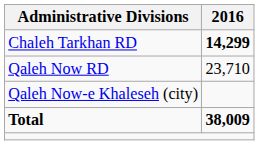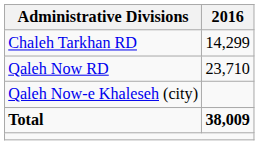 <table class="wikitable">
 <tr>
 <th>Administrative Divisions</th>
 <th>2016</th>
 </tr>
 <tr>
 <td><a href='#'>Chaleh Tarkhan RD</a></td>
-<td style="text-align: right;"><strong>14,299</strong></td>
+<td style="text-align: right;">14,299</td>
 </tr>
 <tr>
 <td><a href='#'>Qaleh Now RD</a></td>
 <td style="text-align: right;">23,710</td>
 </tr>
 <tr>
 <td><a href='#'>Qaleh Now-e Khaleseh</a> (city)</td>
 <td style="text-align: right;"></td>
 </tr>
 <tr>
 <td><strong>Total</strong></td>
 <td style="text-align: right;"><strong>38,009</strong></td>
 </tr>
 <tr>
 <td colspan=2></td>
 </tr>
 </table>
